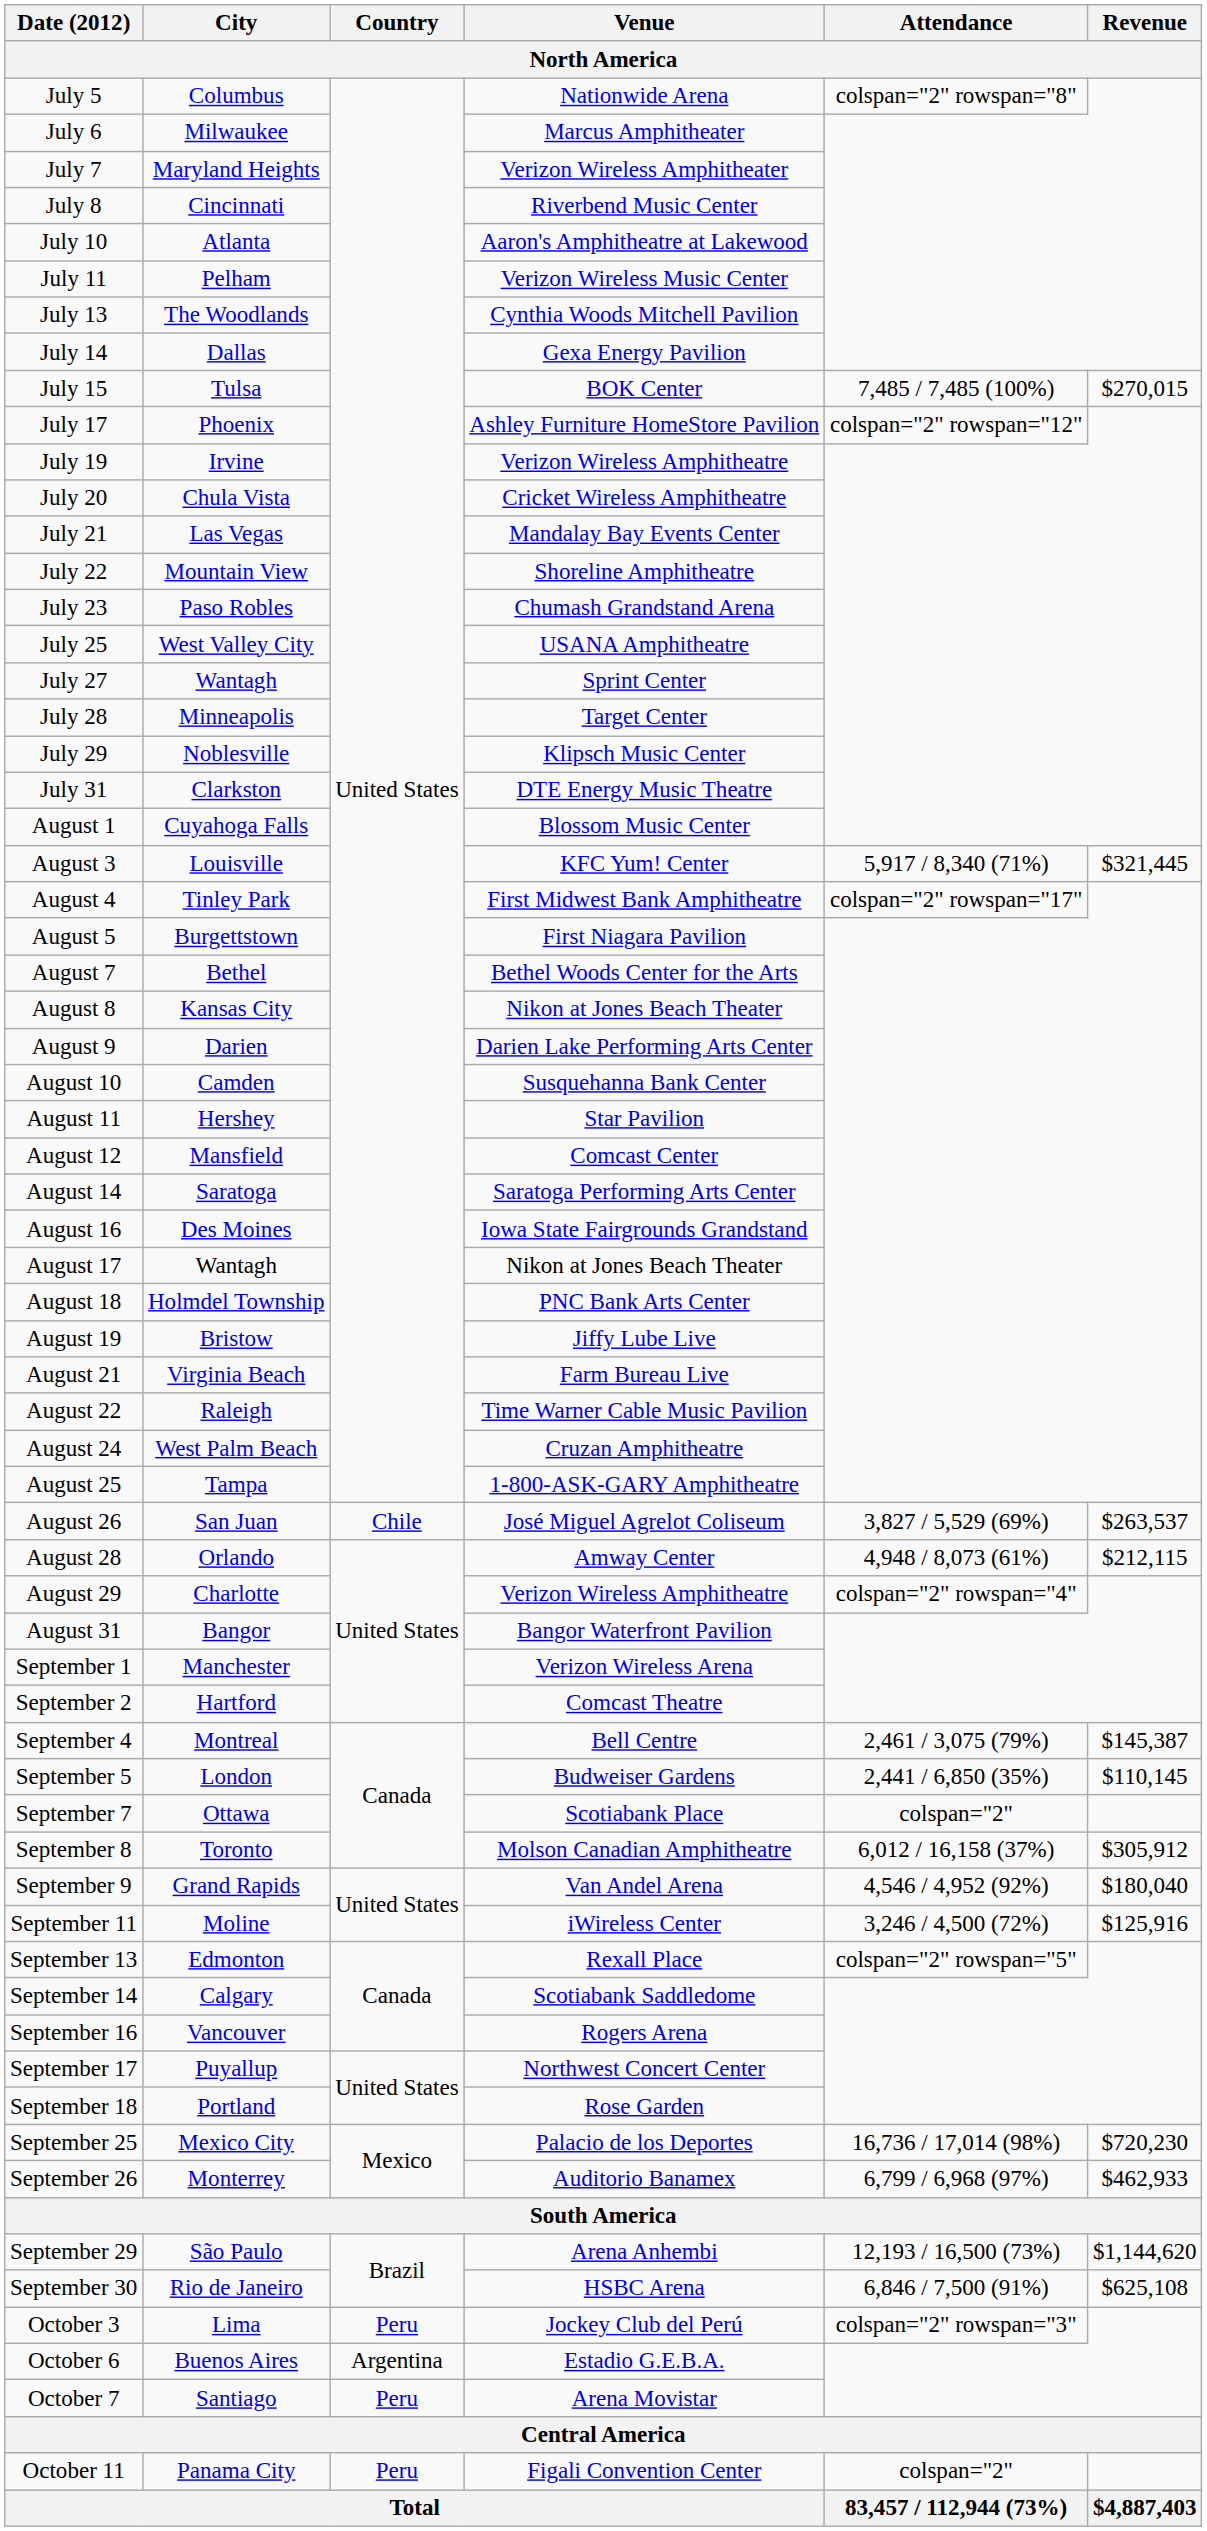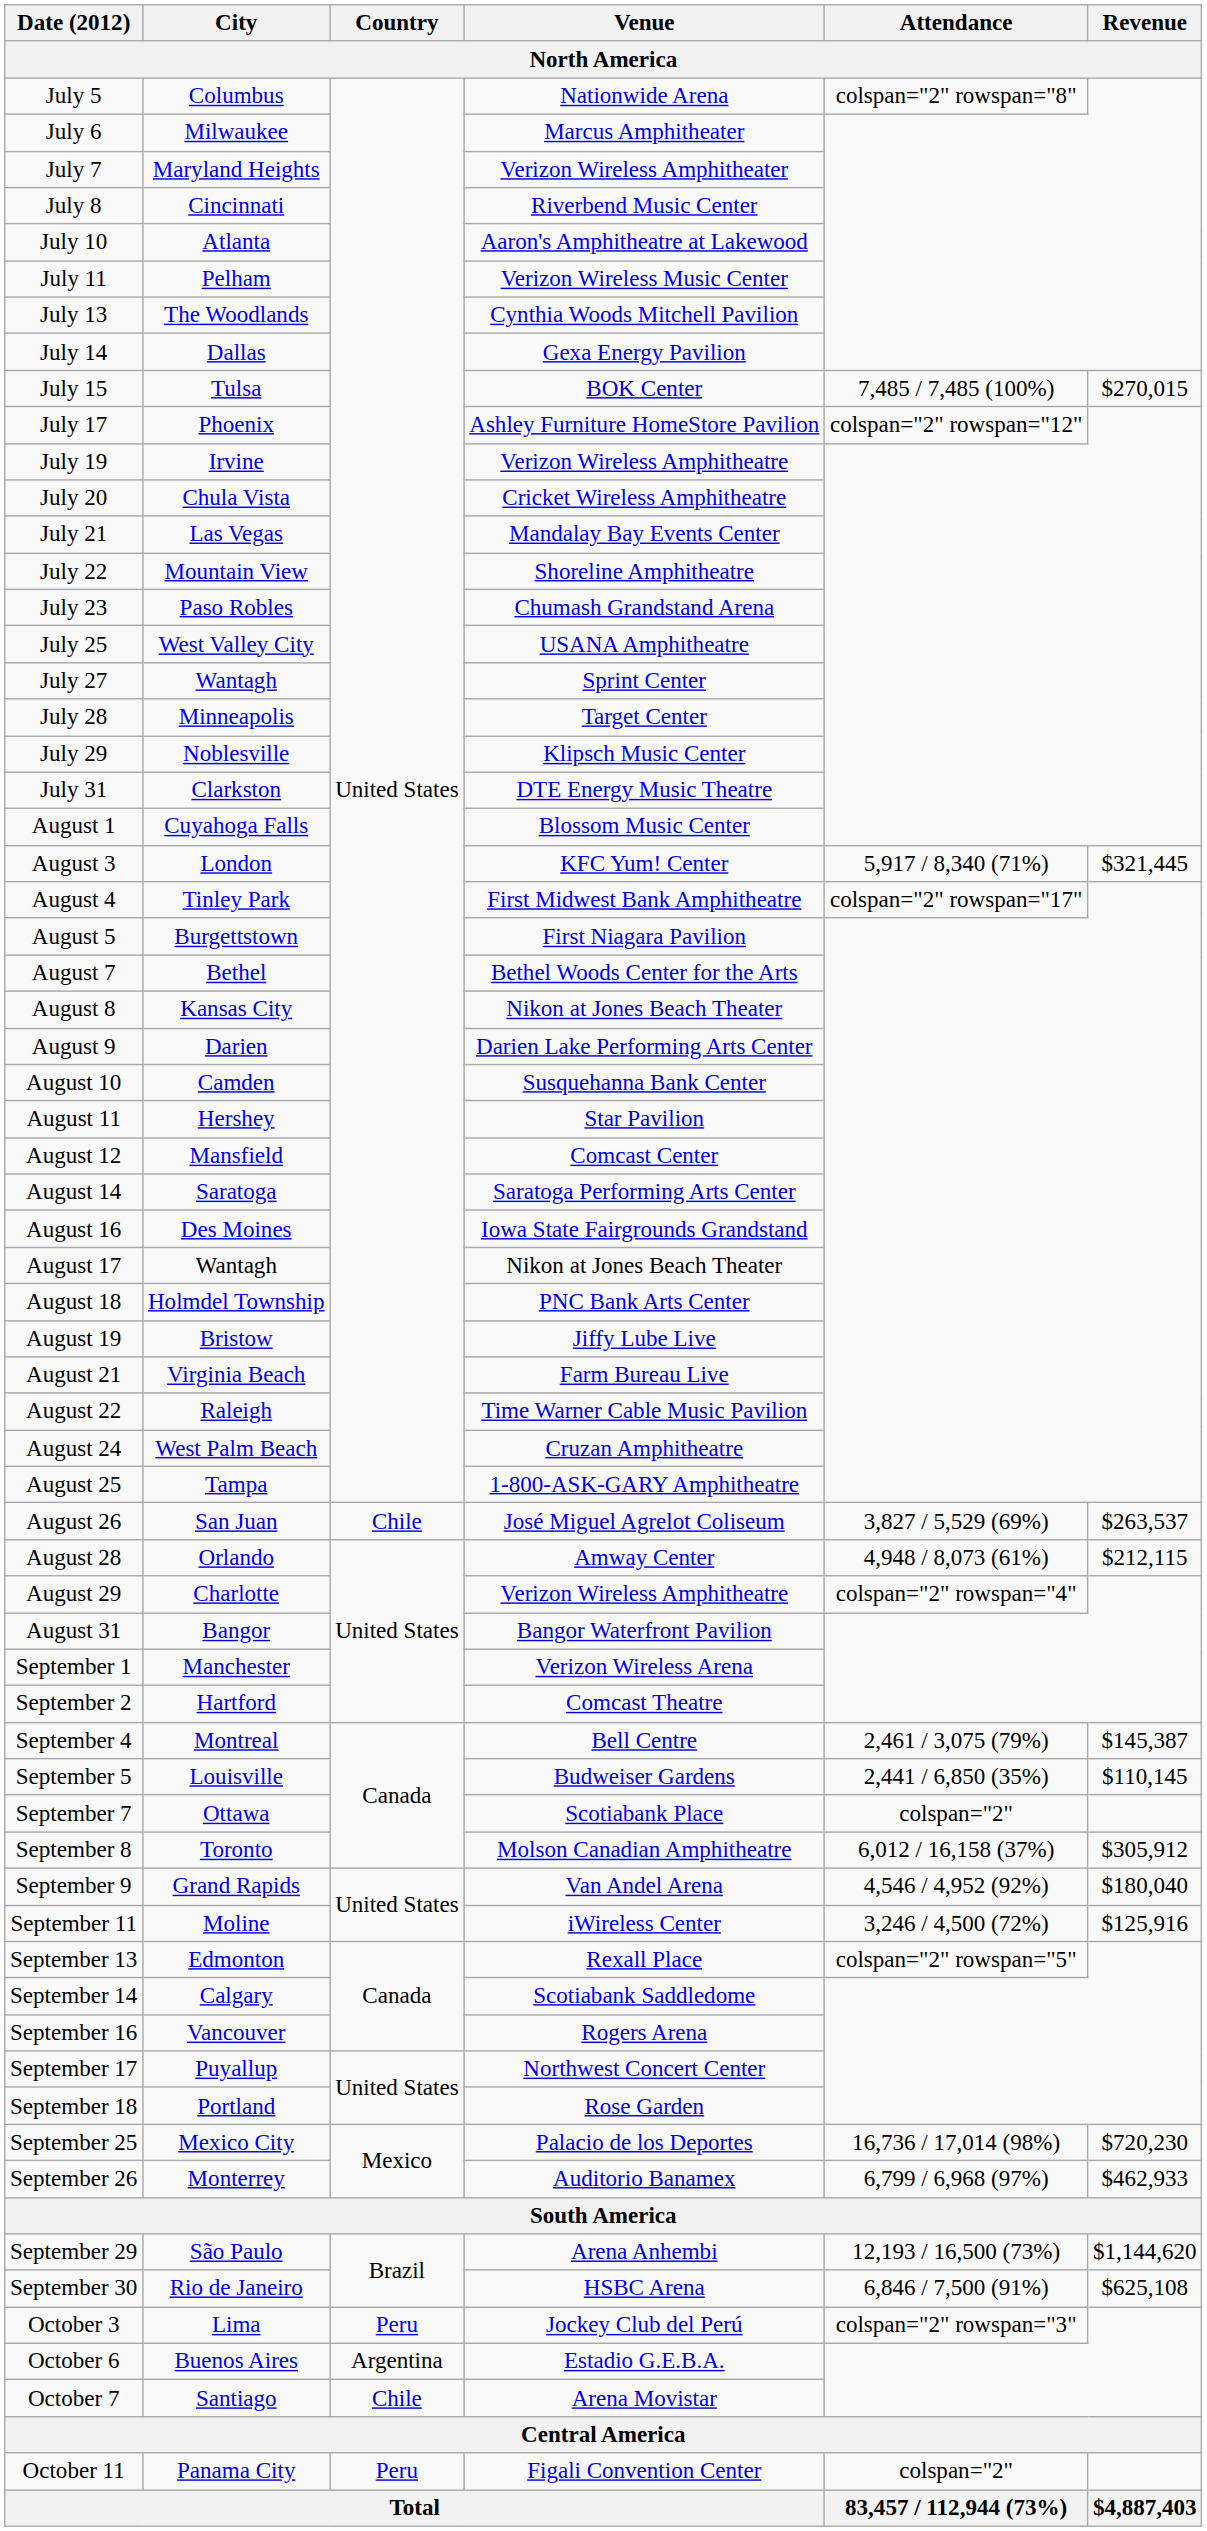 <table class="wikitable" style="text-align:center;">
 <tr>
 <th scope="col">Date (2012)</th>
 <th scope="col">City</th>
 <th scope="col">Country</th>
 <th scope="col">Venue</th>
 <th scope="col">Attendance</th>
 <th scope="col">Revenue</th>
 </tr>
 <tr>
 <th colspan="6">North America</th>
 </tr>
 <tr>
 <td>July 5</td>
 <td><a href='#'>Columbus</a></td>
 <td rowspan="39">United States</td>
 <td><a href='#'>Nationwide Arena</a></td>
 <td>colspan="2" rowspan="8" </td>
 </tr>
 <tr>
 <td>July 6</td>
 <td><a href='#'>Milwaukee</a></td>
 <td><a href='#'>Marcus Amphitheater</a></td>
 </tr>
 <tr>
 <td>July 7</td>
 <td><a href='#'>Maryland Heights</a></td>
 <td><a href='#'>Verizon Wireless Amphitheater</a></td>
 </tr>
 <tr>
 <td>July 8</td>
 <td><a href='#'>Cincinnati</a></td>
 <td><a href='#'>Riverbend Music Center</a></td>
 </tr>
 <tr>
 <td>July 10</td>
 <td><a href='#'>Atlanta</a></td>
 <td><a href='#'>Aaron's Amphitheatre at Lakewood</a></td>
 </tr>
 <tr>
 <td>July 11</td>
 <td><a href='#'>Pelham</a></td>
 <td><a href='#'>Verizon Wireless Music Center</a></td>
 </tr>
 <tr>
 <td>July 13</td>
 <td><a href='#'>The Woodlands</a></td>
 <td><a href='#'>Cynthia Woods Mitchell Pavilion</a></td>
 </tr>
 <tr>
 <td>July 14</td>
 <td><a href='#'>Dallas</a></td>
 <td><a href='#'>Gexa Energy Pavilion</a></td>
 </tr>
 <tr>
 <td>July 15</td>
 <td><a href='#'>Tulsa</a></td>
 <td><a href='#'>BOK Center</a></td>
 <td>7,485 / 7,485 (100%)</td>
 <td>$270,015</td>
 </tr>
 <tr>
 <td>July 17</td>
 <td><a href='#'>Phoenix</a></td>
 <td><a href='#'>Ashley Furniture HomeStore Pavilion</a></td>
 <td>colspan="2" rowspan="12" </td>
 </tr>
 <tr>
 <td>July 19</td>
 <td><a href='#'>Irvine</a></td>
 <td><a href='#'>Verizon Wireless Amphitheatre</a></td>
 </tr>
 <tr>
 <td>July 20</td>
 <td><a href='#'>Chula Vista</a></td>
 <td><a href='#'>Cricket Wireless Amphitheatre</a></td>
 </tr>
 <tr>
 <td>July 21</td>
 <td><a href='#'>Las Vegas</a></td>
 <td><a href='#'>Mandalay Bay Events Center</a></td>
 </tr>
 <tr>
 <td>July 22</td>
 <td><a href='#'>Mountain View</a></td>
 <td><a href='#'>Shoreline Amphitheatre</a></td>
 </tr>
 <tr>
 <td>July 23</td>
 <td><a href='#'>Paso Robles</a></td>
 <td><a href='#'>Chumash Grandstand Arena</a></td>
 </tr>
 <tr>
 <td>July 25</td>
 <td><a href='#'>West Valley City</a></td>
 <td><a href='#'>USANA Amphitheatre</a></td>
 </tr>
 <tr>
 <td>July 27</td>
 <td><a href='#'>Wantagh</a></td>
 <td><a href='#'>Sprint Center</a></td>
 </tr>
 <tr>
 <td>July 28</td>
 <td><a href='#'>Minneapolis</a></td>
 <td><a href='#'>Target Center</a></td>
 </tr>
 <tr>
 <td>July 29</td>
 <td><a href='#'>Noblesville</a></td>
 <td><a href='#'>Klipsch Music Center</a></td>
 </tr>
 <tr>
 <td>July 31</td>
 <td><a href='#'>Clarkston</a></td>
 <td><a href='#'>DTE Energy Music Theatre</a></td>
 </tr>
 <tr>
 <td>August 1</td>
 <td><a href='#'>Cuyahoga Falls</a></td>
 <td><a href='#'>Blossom Music Center</a></td>
 </tr>
 <tr>
 <td>August 3</td>
-<td><a href='#'>Louisville</a></td>
+<td><a href='#'>London</a></td>
 <td><a href='#'>KFC Yum! Center</a></td>
 <td>5,917 / 8,340 (71%)</td>
 <td>$321,445</td>
 </tr>
 <tr>
 <td>August 4</td>
 <td><a href='#'>Tinley Park</a></td>
 <td><a href='#'>First Midwest Bank Amphitheatre</a></td>
 <td>colspan="2" rowspan="17" </td>
 </tr>
 <tr>
 <td>August 5</td>
 <td><a href='#'>Burgettstown</a></td>
 <td><a href='#'>First Niagara Pavilion</a></td>
 </tr>
 <tr>
 <td>August 7</td>
 <td><a href='#'>Bethel</a></td>
 <td><a href='#'>Bethel Woods Center for the Arts</a></td>
 </tr>
 <tr>
 <td>August 8</td>
 <td><a href='#'>Kansas City</a></td>
 <td><a href='#'>Nikon at Jones Beach Theater</a></td>
 </tr>
 <tr>
 <td>August 9</td>
 <td><a href='#'>Darien</a></td>
 <td><a href='#'>Darien Lake Performing Arts Center</a></td>
 </tr>
 <tr>
 <td>August 10</td>
 <td><a href='#'>Camden</a></td>
 <td><a href='#'>Susquehanna Bank Center</a></td>
 </tr>
 <tr>
 <td>August 11</td>
 <td><a href='#'>Hershey</a></td>
 <td><a href='#'>Star Pavilion</a></td>
 </tr>
 <tr>
 <td>August 12</td>
 <td><a href='#'>Mansfield</a></td>
 <td><a href='#'>Comcast Center</a></td>
 </tr>
 <tr>
 <td>August 14</td>
 <td><a href='#'>Saratoga</a></td>
 <td><a href='#'>Saratoga Performing Arts Center</a></td>
 </tr>
 <tr>
 <td>August 16</td>
 <td><a href='#'>Des Moines</a></td>
 <td><a href='#'>Iowa State Fairgrounds Grandstand</a></td>
 </tr>
 <tr>
 <td>August 17</td>
 <td>Wantagh</td>
 <td>Nikon at Jones Beach Theater</td>
 </tr>
 <tr>
 <td>August 18</td>
 <td><a href='#'>Holmdel Township</a></td>
 <td><a href='#'>PNC Bank Arts Center</a></td>
 </tr>
 <tr>
 <td>August 19</td>
 <td><a href='#'>Bristow</a></td>
 <td><a href='#'>Jiffy Lube Live</a></td>
 </tr>
 <tr>
 <td>August 21</td>
 <td><a href='#'>Virginia Beach</a></td>
 <td><a href='#'>Farm Bureau Live</a></td>
 </tr>
 <tr>
 <td>August 22</td>
 <td><a href='#'>Raleigh</a></td>
 <td><a href='#'>Time Warner Cable Music Pavilion</a></td>
 </tr>
 <tr>
 <td>August 24</td>
 <td><a href='#'>West Palm Beach</a></td>
 <td><a href='#'>Cruzan Amphitheatre</a></td>
 </tr>
 <tr>
 <td>August 25</td>
 <td><a href='#'>Tampa</a></td>
 <td><a href='#'>1-800-ASK-GARY Amphitheatre</a></td>
 </tr>
 <tr>
 <td>August 26</td>
 <td><a href='#'>San Juan</a></td>
 <td><a href='#'>Chile</a></td>
 <td><a href='#'>José Miguel Agrelot Coliseum</a></td>
 <td>3,827 / 5,529 (69%)</td>
 <td>$263,537</td>
 </tr>
 <tr>
 <td>August 28</td>
 <td><a href='#'>Orlando</a></td>
 <td rowspan="5">United States</td>
 <td><a href='#'>Amway Center</a></td>
 <td>4,948 / 8,073 (61%)</td>
 <td>$212,115</td>
 </tr>
 <tr>
 <td>August 29</td>
 <td><a href='#'>Charlotte</a></td>
 <td><a href='#'>Verizon Wireless Amphitheatre</a></td>
 <td>colspan="2" rowspan="4" </td>
 </tr>
 <tr>
 <td>August 31</td>
 <td><a href='#'>Bangor</a></td>
 <td><a href='#'>Bangor Waterfront Pavilion</a></td>
 </tr>
 <tr>
 <td>September 1</td>
 <td><a href='#'>Manchester</a></td>
 <td><a href='#'>Verizon Wireless Arena</a></td>
 </tr>
 <tr>
 <td>September 2</td>
 <td><a href='#'>Hartford</a></td>
 <td><a href='#'>Comcast Theatre</a></td>
 </tr>
 <tr>
 <td>September 4</td>
 <td><a href='#'>Montreal</a></td>
 <td rowspan="4">Canada</td>
 <td><a href='#'>Bell Centre</a></td>
 <td>2,461 / 3,075 (79%)</td>
 <td>$145,387</td>
 </tr>
 <tr>
 <td>September 5</td>
-<td><a href='#'>London</a></td>
+<td><a href='#'>Louisville</a></td>
 <td><a href='#'>Budweiser Gardens</a></td>
 <td>2,441 / 6,850 (35%)</td>
 <td>$110,145</td>
 </tr>
 <tr>
 <td>September 7</td>
 <td><a href='#'>Ottawa</a></td>
 <td><a href='#'>Scotiabank Place</a></td>
 <td>colspan="2" </td>
 </tr>
 <tr>
 <td>September 8</td>
 <td><a href='#'>Toronto</a></td>
 <td><a href='#'>Molson Canadian Amphitheatre</a></td>
 <td>6,012 / 16,158 (37%)</td>
 <td>$305,912</td>
 </tr>
 <tr>
 <td>September 9</td>
 <td><a href='#'>Grand Rapids</a></td>
 <td rowspan="2">United States</td>
 <td><a href='#'>Van Andel Arena</a></td>
 <td>4,546 / 4,952 (92%)</td>
 <td>$180,040</td>
 </tr>
 <tr>
 <td>September 11</td>
 <td><a href='#'>Moline</a></td>
 <td><a href='#'>iWireless Center</a></td>
 <td>3,246 / 4,500 (72%)</td>
 <td>$125,916</td>
 </tr>
 <tr>
 <td>September 13</td>
 <td><a href='#'>Edmonton</a></td>
 <td rowspan="3">Canada</td>
 <td><a href='#'>Rexall Place</a></td>
 <td>colspan="2" rowspan="5" </td>
 </tr>
 <tr>
 <td>September 14</td>
 <td><a href='#'>Calgary</a></td>
 <td><a href='#'>Scotiabank Saddledome</a></td>
 </tr>
 <tr>
 <td>September 16</td>
 <td><a href='#'>Vancouver</a></td>
 <td><a href='#'>Rogers Arena</a></td>
 </tr>
 <tr>
 <td>September 17</td>
 <td><a href='#'>Puyallup</a></td>
 <td rowspan="2">United States</td>
 <td><a href='#'>Northwest Concert Center</a></td>
 </tr>
 <tr>
 <td>September 18</td>
 <td><a href='#'>Portland</a></td>
 <td><a href='#'>Rose Garden</a></td>
 </tr>
 <tr>
 <td>September 25</td>
 <td><a href='#'>Mexico City</a></td>
 <td rowspan="2">Mexico</td>
 <td><a href='#'>Palacio de los Deportes</a></td>
 <td>16,736 / 17,014 (98%)</td>
 <td>$720,230</td>
 </tr>
 <tr>
 <td>September 26</td>
 <td><a href='#'>Monterrey</a></td>
 <td><a href='#'>Auditorio Banamex</a></td>
 <td>6,799 / 6,968 (97%)</td>
 <td>$462,933</td>
 </tr>
 <tr>
 <th colspan="6">South America</th>
 </tr>
 <tr>
 <td>September 29</td>
 <td><a href='#'>São Paulo</a></td>
 <td rowspan="2">Brazil</td>
 <td><a href='#'>Arena Anhembi</a></td>
 <td>12,193 / 16,500 (73%)</td>
 <td>$1,144,620</td>
 </tr>
 <tr>
 <td>September 30</td>
 <td><a href='#'>Rio de Janeiro</a></td>
 <td><a href='#'>HSBC Arena</a></td>
 <td>6,846 / 7,500 (91%)</td>
 <td>$625,108</td>
 </tr>
 <tr>
 <td>October 3</td>
 <td><a href='#'>Lima</a></td>
 <td><a href='#'>Peru</a></td>
 <td><a href='#'>Jockey Club del Perú</a></td>
 <td>colspan="2" rowspan="3" </td>
 </tr>
 <tr>
 <td>October 6</td>
 <td><a href='#'>Buenos Aires</a></td>
 <td>Argentina</td>
 <td><a href='#'>Estadio G.E.B.A.</a></td>
 </tr>
 <tr>
 <td>October 7</td>
 <td><a href='#'>Santiago</a></td>
-<td><a href='#'>Peru</a></td>
+<td><a href='#'>Chile</a></td>
 <td><a href='#'>Arena Movistar</a></td>
 </tr>
 <tr>
 <th colspan="6">Central America</th>
 </tr>
 <tr>
 <td>October 11</td>
 <td><a href='#'>Panama City</a></td>
 <td><a href='#'>Peru</a></td>
 <td><a href='#'>Figali Convention Center</a></td>
 <td>colspan="2" </td>
 </tr>
 <tr>
 <th colspan="4">Total</th>
 <th>83,457 / 112,944 (73%)</th>
 <th>$4,887,403</th>
 </tr>
 </table>
